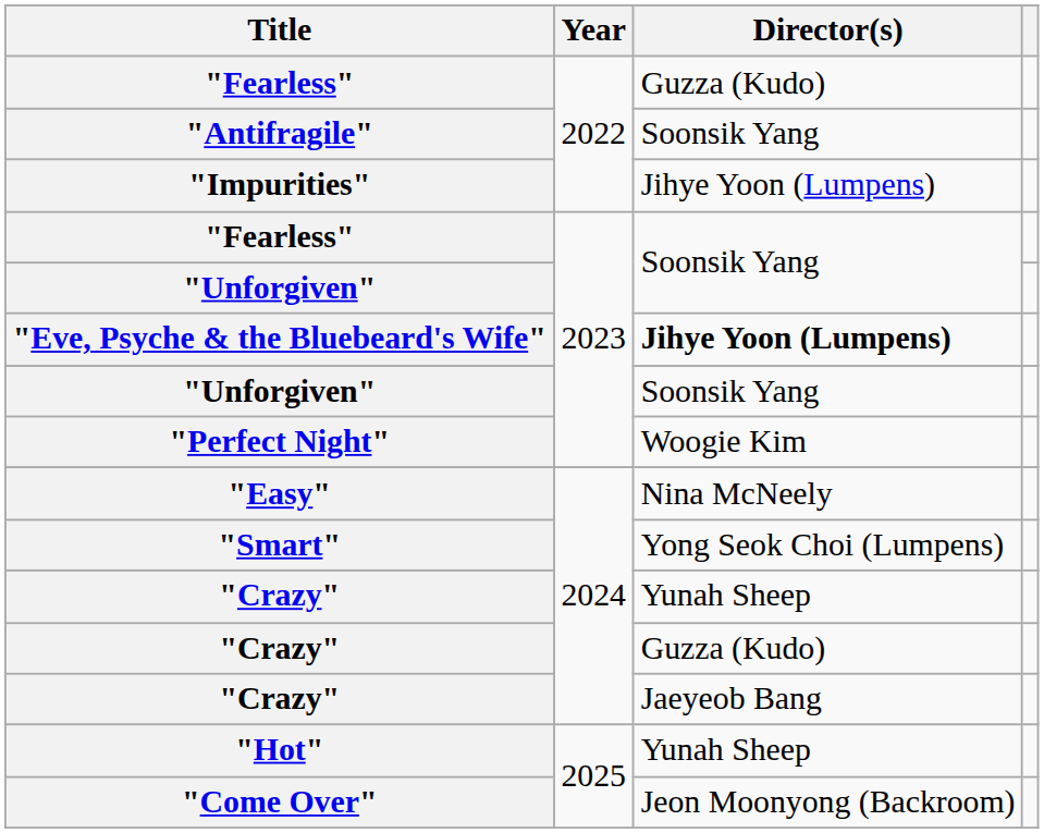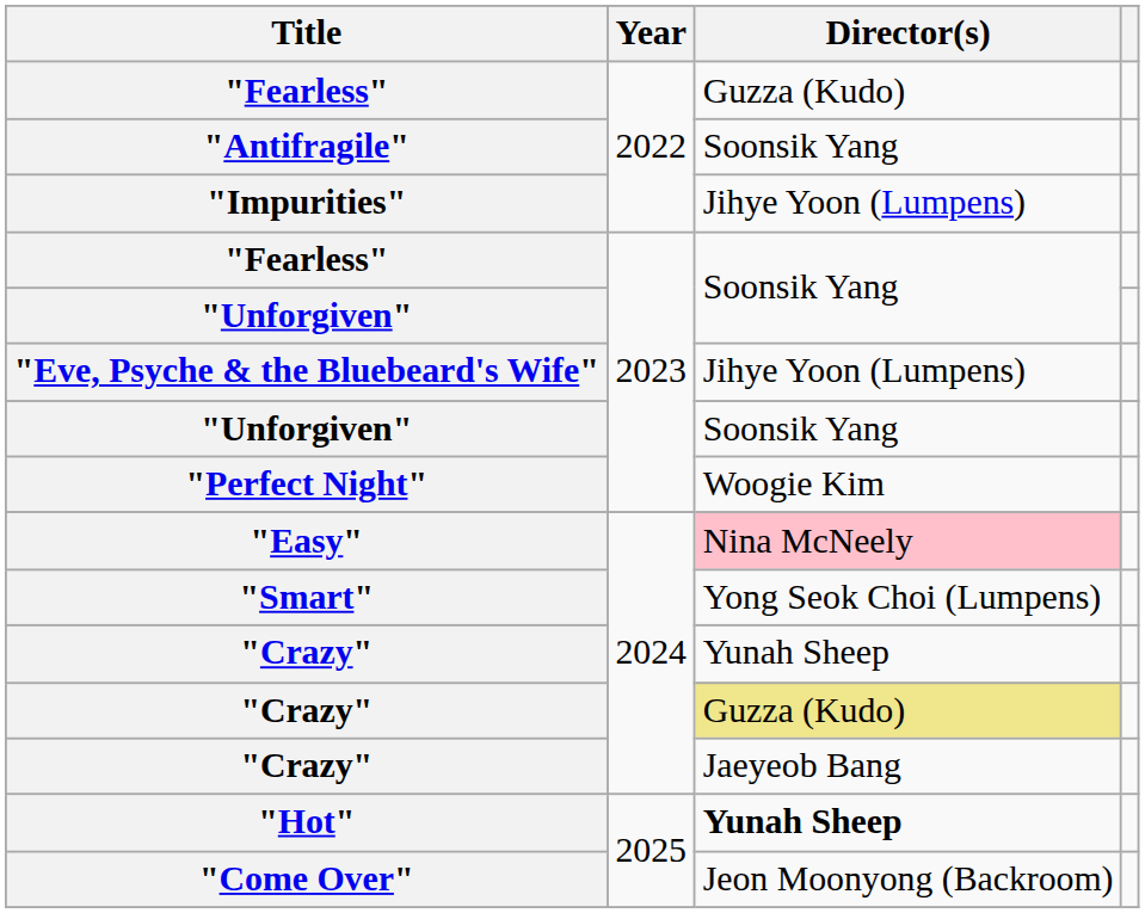 <table class="wikitable plainrowheaders">
 <tr>
 <th scope="col">Title</th>
 <th scope="col">Year</th>
 <th scope="col">Director(s)</th>
 <th scope="col" class="unsortable"></th>
 </tr>
 <tr>
 <th scope="row">"<a href='#'>Fearless</a>"</th>
 <td rowspan="3">2022</td>
 <td>Guzza (Kudo)</td>
 <td style="text-align:center"></td>
 </tr>
 <tr>
 <th scope="row">"<a href='#'>Antifragile</a>"</th>
 <td>Soonsik Yang</td>
 <td style="text-align:center"></td>
 </tr>
 <tr>
 <th scope="row">"Impurities"</th>
 <td>Jihye Yoon (<a href='#'>Lumpens</a>)</td>
 <td style="text-align:center"></td>
 </tr>
 <tr>
 <th scope="row">"Fearless" </th>
 <td rowspan="5">2023</td>
 <td rowspan="2">Soonsik Yang</td>
 <td style="text-align:center"></td>
 </tr>
 <tr>
 <th scope="row">"<a href='#'>Unforgiven</a>"<br></th>
 <td style="text-align:center"></td>
 </tr>
 <tr>
 <th scope="row">"<a href='#'>Eve, Psyche & the Bluebeard's Wife</a>"</th>
-<td><strong>Jihye Yoon (Lumpens)</strong></td>
+<td>Jihye Yoon (Lumpens)</td>
 <td style="text-align:center"></td>
 </tr>
 <tr>
 <th scope="row">"Unforgiven" <br></th>
 <td>Soonsik Yang</td>
 <td style="text-align:center"></td>
 </tr>
 <tr>
 <th scope="row">"<a href='#'>Perfect Night</a>"</th>
 <td>Woogie Kim</td>
 <td style="text-align:center"></td>
 </tr>
 <tr>
 <th scope="row">"<a href='#'>Easy</a>"</th>
 <td rowspan="5">2024</td>
-<td>Nina McNeely</td>
+<td style="background: pink;">Nina McNeely</td>
 <td style="text-align:center"></td>
 </tr>
 <tr>
 <th scope="row">"<a href='#'>Smart</a>"</th>
 <td>Yong Seok Choi (Lumpens)</td>
 <td style="text-align:center"></td>
 </tr>
 <tr>
 <th scope="row">"<a href='#'>Crazy</a>"</th>
 <td>Yunah Sheep</td>
 <td style="text-align:center"></td>
 </tr>
 <tr>
 <th scope="row">"Crazy" </th>
-<td>Guzza (Kudo)</td>
+<td style="background: khaki;">Guzza (Kudo)</td>
 <td style="text-align:center"></td>
 </tr>
 <tr>
 <th scope="row">"Crazy" </th>
 <td>Jaeyeob Bang</td>
 <td style="text-align:center"></td>
 </tr>
 <tr>
 <th scope="row">"<a href='#'>Hot</a>"</th>
 <td rowspan="2">2025</td>
-<td>Yunah Sheep</td>
+<td><strong>Yunah Sheep</strong></td>
 <td style="text-align:center"></td>
 </tr>
 <tr>
 <th scope="row">"<a href='#'>Come Over</a>"</th>
 <td>Jeon Moonyong (Backroom)</td>
 <td style="text-align:center"></td>
 </tr>
 </table>
